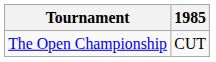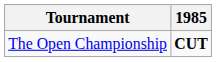 <table class="wikitable" style="font-size:95%;text-align:center;">
 <tr>
 <th>Tournament</th>
 <th>1985</th>
 </tr>
 <tr>
 <td align=left><a href='#'>The Open Championship</a></td>
-<td>CUT</td>
+<td><strong>CUT</strong></td>
 </tr>
 </table>
